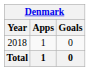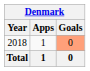 <table class="wikitable" style="text-align:center">
 <tr>
 <th colspan=3><a href='#'>Denmark</a></th>
 </tr>
 <tr>
 <th>Year</th>
 <th>Apps</th>
 <th>Goals</th>
 </tr>
 <tr>
 <td>2018</td>
 <td>1</td>
-<td>0</td>
+<td style="background: lightsalmon;">0</td>
 </tr>
 <tr>
 <th>Total</th>
 <th>1</th>
 <th>0</th>
 </tr>
 </table>
